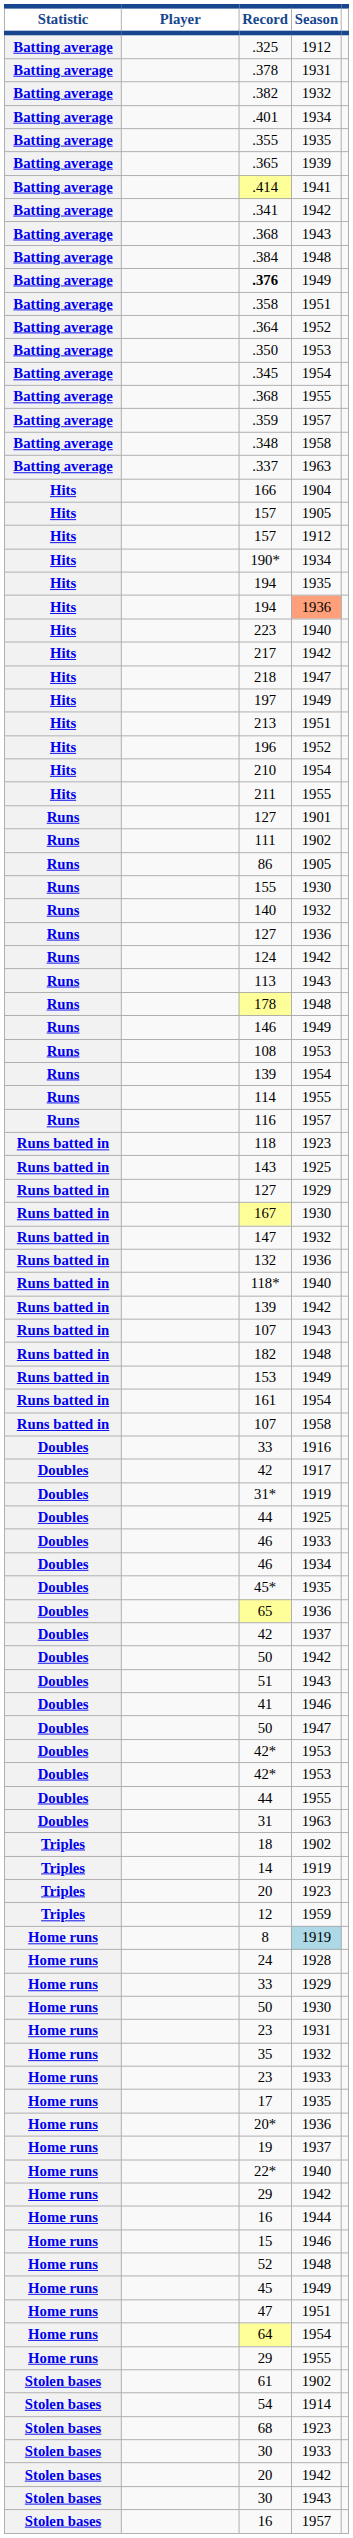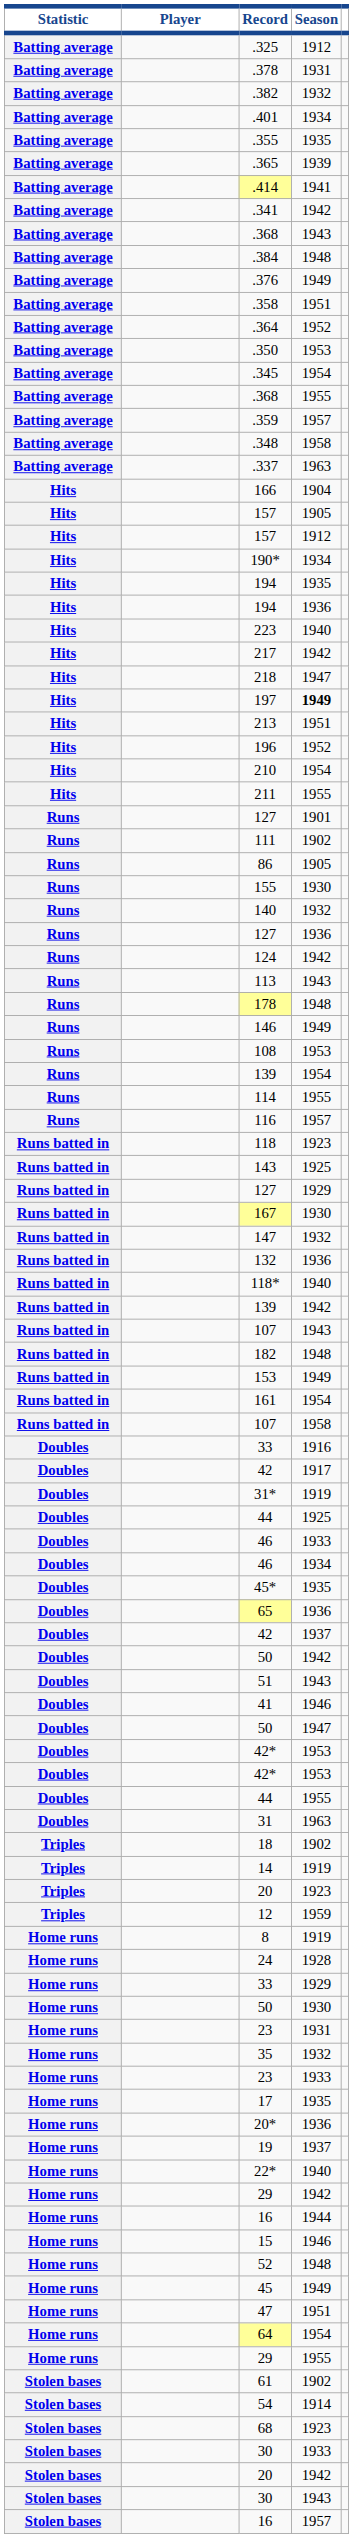 <table class="wikitable sortable plainrowheaders" style="text-align: center;">
 <tr>
 <th scope="col" width="120px" style="background-color:#ffffff; border-top:#17468E 5px solid; border-bottom:#17468E 5px solid; color:#17468E">Statistic</th>
 <th scope="col" width="120px" style="background-color:#ffffff; border-top:#17468E 5px solid; border-bottom:#17468E 5px solid; color:#17468E">Player</th>
 <th scope="col" class="unsortable" style="background-color:#ffffff; border-top:#17468E 5px solid; border-bottom:#17468E 5px solid; color:#17468E">Record</th>
 <th scope="col"  style="background-color:#ffffff; border-top:#17468E 5px solid; border-bottom:#17468E 5px solid; color:#17468E">Season</th>
 <th scope="col" class="unsortable" style="background-color:#ffffff; border-top:#17468E 5px solid; border-bottom:#17468E 5px solid; color:#17468E"></th>
 </tr>
 <tr>
 <th scope="row" style="text-align:center"><a href='#'>Batting average</a></th>
 <td></td>
 <td>.325</td>
 <td>1912</td>
 <td></td>
 </tr>
 <tr>
 <th scope="row" style="text-align:center"><a href='#'>Batting average</a></th>
 <td></td>
 <td>.378</td>
 <td>1931</td>
 <td></td>
 </tr>
 <tr>
 <th scope="row" style="text-align:center"><a href='#'>Batting average</a></th>
 <td></td>
 <td>.382</td>
 <td>1932</td>
 <td></td>
 </tr>
 <tr>
 <th scope="row" style="text-align:center"><a href='#'>Batting average</a></th>
 <td></td>
 <td>.401</td>
 <td>1934</td>
 <td></td>
 </tr>
 <tr>
 <th scope="row" style="text-align:center"><a href='#'>Batting average</a></th>
 <td></td>
 <td>.355</td>
 <td>1935</td>
 <td></td>
 </tr>
 <tr>
 <th scope="row" style="text-align:center"><a href='#'>Batting average</a></th>
 <td></td>
 <td>.365</td>
 <td>1939</td>
 <td></td>
 </tr>
 <tr>
 <th scope="row" style="text-align:center"><a href='#'>Batting average</a></th>
 <td></td>
 <td bgcolor="#FFFF99">.414</td>
 <td>1941</td>
 <td></td>
 </tr>
 <tr>
 <th scope="row" style="text-align:center"><a href='#'>Batting average</a></th>
 <td></td>
 <td>.341</td>
 <td>1942</td>
 <td></td>
 </tr>
 <tr>
 <th scope="row" style="text-align:center"><a href='#'>Batting average</a></th>
 <td></td>
 <td>.368</td>
 <td>1943</td>
 <td></td>
 </tr>
 <tr>
 <th scope="row" style="text-align:center"><a href='#'>Batting average</a></th>
 <td></td>
 <td>.384</td>
 <td>1948</td>
 <td></td>
 </tr>
 <tr>
 <th scope="row" style="text-align:center"><a href='#'>Batting average</a></th>
 <td></td>
-<td><strong>.376</strong></td>
+<td>.376</td>
 <td>1949</td>
 <td></td>
 </tr>
 <tr>
 <th scope="row" style="text-align:center"><a href='#'>Batting average</a></th>
 <td></td>
 <td>.358</td>
 <td>1951</td>
 <td></td>
 </tr>
 <tr>
 <th scope="row" style="text-align:center"><a href='#'>Batting average</a></th>
 <td></td>
 <td>.364</td>
 <td>1952</td>
 <td></td>
 </tr>
 <tr>
 <th scope="row" style="text-align:center"><a href='#'>Batting average</a></th>
 <td></td>
 <td>.350</td>
 <td>1953</td>
 <td></td>
 </tr>
 <tr>
 <th scope="row" style="text-align:center"><a href='#'>Batting average</a></th>
 <td></td>
 <td>.345</td>
 <td>1954</td>
 <td></td>
 </tr>
 <tr>
 <th scope="row" style="text-align:center"><a href='#'>Batting average</a></th>
 <td></td>
 <td>.368</td>
 <td>1955</td>
 <td></td>
 </tr>
 <tr>
 <th scope="row" style="text-align:center"><a href='#'>Batting average</a></th>
 <td></td>
 <td>.359</td>
 <td>1957</td>
 <td></td>
 </tr>
 <tr>
 <th scope="row" style="text-align:center"><a href='#'>Batting average</a></th>
 <td></td>
 <td>.348</td>
 <td>1958</td>
 <td></td>
 </tr>
 <tr>
 <th scope="row" style="text-align:center"><a href='#'>Batting average</a></th>
 <td></td>
 <td>.337</td>
 <td>1963</td>
 <td></td>
 </tr>
 <tr>
 <th scope="row" style="text-align:center"><a href='#'>Hits</a></th>
 <td></td>
 <td>166</td>
 <td>1904</td>
 <td></td>
 </tr>
 <tr>
 <th scope="row" style="text-align:center"><a href='#'>Hits</a></th>
 <td></td>
 <td>157</td>
 <td>1905</td>
 <td></td>
 </tr>
 <tr>
 <th scope="row" style="text-align:center"><a href='#'>Hits</a></th>
 <td></td>
 <td>157</td>
 <td>1912</td>
 <td></td>
 </tr>
 <tr>
 <th scope="row" style="text-align:center"><a href='#'>Hits</a></th>
 <td></td>
 <td>190*</td>
 <td>1934</td>
 <td></td>
 </tr>
 <tr>
 <th scope="row" style="text-align:center"><a href='#'>Hits</a></th>
 <td></td>
 <td>194</td>
 <td>1935</td>
 <td></td>
 </tr>
 <tr>
 <th scope="row" style="text-align:center"><a href='#'>Hits</a></th>
 <td></td>
 <td>194</td>
-<td style="background: lightsalmon;">1936</td>
+<td>1936</td>
 <td></td>
 </tr>
 <tr>
 <th scope="row" style="text-align:center"><a href='#'>Hits</a></th>
 <td></td>
 <td>223</td>
 <td>1940</td>
 <td></td>
 </tr>
 <tr>
 <th scope="row" style="text-align:center"><a href='#'>Hits</a></th>
 <td></td>
 <td>217</td>
 <td>1942</td>
 <td></td>
 </tr>
 <tr>
 <th scope="row" style="text-align:center"><a href='#'>Hits</a></th>
 <td></td>
 <td>218</td>
 <td>1947</td>
 <td></td>
 </tr>
 <tr>
 <th scope="row" style="text-align:center"><a href='#'>Hits</a></th>
 <td></td>
 <td>197</td>
-<td>1949</td>
+<td><strong>1949</strong></td>
 <td></td>
 </tr>
 <tr>
 <th scope="row" style="text-align:center"><a href='#'>Hits</a></th>
 <td></td>
 <td>213</td>
 <td>1951</td>
 <td></td>
 </tr>
 <tr>
 <th scope="row" style="text-align:center"><a href='#'>Hits</a></th>
 <td></td>
 <td>196</td>
 <td>1952</td>
 <td></td>
 </tr>
 <tr>
 <th scope="row" style="text-align:center"><a href='#'>Hits</a></th>
 <td></td>
 <td>210</td>
 <td>1954</td>
 <td></td>
 </tr>
 <tr>
 <th scope="row" style="text-align:center"><a href='#'>Hits</a></th>
 <td></td>
 <td>211</td>
 <td>1955</td>
 <td></td>
 </tr>
 <tr>
 <th scope="row" style="text-align:center"><a href='#'>Runs</a></th>
 <td></td>
 <td>127</td>
 <td>1901</td>
 <td></td>
 </tr>
 <tr>
 <th scope="row" style="text-align:center"><a href='#'>Runs</a></th>
 <td></td>
 <td>111</td>
 <td>1902</td>
 <td></td>
 </tr>
 <tr>
 <th scope="row" style="text-align:center"><a href='#'>Runs</a></th>
 <td></td>
 <td>86</td>
 <td>1905</td>
 <td></td>
 </tr>
 <tr>
 <th scope="row" style="text-align:center"><a href='#'>Runs</a></th>
 <td></td>
 <td>155</td>
 <td>1930</td>
 <td></td>
 </tr>
 <tr>
 <th scope="row" style="text-align:center"><a href='#'>Runs</a></th>
 <td></td>
 <td>140</td>
 <td>1932</td>
 <td></td>
 </tr>
 <tr>
 <th scope="row" style="text-align:center"><a href='#'>Runs</a></th>
 <td></td>
 <td>127</td>
 <td>1936</td>
 <td></td>
 </tr>
 <tr>
 <th scope="row" style="text-align:center"><a href='#'>Runs</a></th>
 <td></td>
 <td>124</td>
 <td>1942</td>
 <td></td>
 </tr>
 <tr>
 <th scope="row" style="text-align:center"><a href='#'>Runs</a></th>
 <td></td>
 <td>113</td>
 <td>1943</td>
 <td></td>
 </tr>
 <tr>
 <th scope="row" style="text-align:center"><a href='#'>Runs</a></th>
 <td></td>
 <td bgcolor="#FFFF99">178</td>
 <td>1948</td>
 <td></td>
 </tr>
 <tr>
 <th scope="row" style="text-align:center"><a href='#'>Runs</a></th>
 <td></td>
 <td>146</td>
 <td>1949</td>
 <td></td>
 </tr>
 <tr>
 <th scope="row" style="text-align:center"><a href='#'>Runs</a></th>
 <td></td>
 <td>108</td>
 <td>1953</td>
 <td></td>
 </tr>
 <tr>
 <th scope="row" style="text-align:center"><a href='#'>Runs</a></th>
 <td></td>
 <td>139</td>
 <td>1954</td>
 <td></td>
 </tr>
 <tr>
 <th scope="row" style="text-align:center"><a href='#'>Runs</a></th>
 <td></td>
 <td>114</td>
 <td>1955</td>
 <td></td>
 </tr>
 <tr>
 <th scope="row" style="text-align:center"><a href='#'>Runs</a></th>
 <td></td>
 <td>116</td>
 <td>1957</td>
 <td></td>
 </tr>
 <tr>
 <th scope="row" style="text-align:center"><a href='#'>Runs batted in</a></th>
 <td></td>
 <td>118</td>
 <td>1923</td>
 <td></td>
 </tr>
 <tr>
 <th scope="row" style="text-align:center"><a href='#'>Runs batted in</a></th>
 <td></td>
 <td>143</td>
 <td>1925</td>
 <td></td>
 </tr>
 <tr>
 <th scope="row" style="text-align:center"><a href='#'>Runs batted in</a></th>
 <td></td>
 <td>127</td>
 <td>1929</td>
 <td></td>
 </tr>
 <tr>
 <th scope="row" style="text-align:center"><a href='#'>Runs batted in</a></th>
 <td></td>
 <td bgcolor="#FFFF99">167</td>
 <td>1930</td>
 <td></td>
 </tr>
 <tr>
 <th scope="row" style="text-align:center"><a href='#'>Runs batted in</a></th>
 <td></td>
 <td>147</td>
 <td>1932</td>
 <td></td>
 </tr>
 <tr>
 <th scope="row" style="text-align:center"><a href='#'>Runs batted in</a></th>
 <td></td>
 <td>132</td>
 <td>1936</td>
 <td></td>
 </tr>
 <tr>
 <th scope="row" style="text-align:center"><a href='#'>Runs batted in</a></th>
 <td></td>
 <td>118*</td>
 <td>1940</td>
 <td></td>
 </tr>
 <tr>
 <th scope="row" style="text-align:center"><a href='#'>Runs batted in</a></th>
 <td></td>
 <td>139</td>
 <td>1942</td>
 <td></td>
 </tr>
 <tr>
 <th scope="row" style="text-align:center"><a href='#'>Runs batted in</a></th>
 <td></td>
 <td>107</td>
 <td>1943</td>
 <td></td>
 </tr>
 <tr>
 <th scope="row" style="text-align:center"><a href='#'>Runs batted in</a></th>
 <td></td>
 <td>182</td>
 <td>1948</td>
 <td></td>
 </tr>
 <tr>
 <th scope="row" style="text-align:center"><a href='#'>Runs batted in</a></th>
 <td></td>
 <td>153</td>
 <td>1949</td>
 <td></td>
 </tr>
 <tr>
 <th scope="row" style="text-align:center"><a href='#'>Runs batted in</a></th>
 <td></td>
 <td>161</td>
 <td>1954</td>
 <td></td>
 </tr>
 <tr>
 <th scope="row" style="text-align:center"><a href='#'>Runs batted in</a></th>
 <td></td>
 <td>107</td>
 <td>1958</td>
 <td></td>
 </tr>
 <tr>
 <th scope="row" style="text-align:center"><a href='#'>Doubles</a></th>
 <td></td>
 <td>33</td>
 <td>1916</td>
 <td></td>
 </tr>
 <tr>
 <th scope="row" style="text-align:center"><a href='#'>Doubles</a></th>
 <td></td>
 <td>42</td>
 <td>1917</td>
 <td></td>
 </tr>
 <tr>
 <th scope="row" style="text-align:center"><a href='#'>Doubles</a></th>
 <td></td>
 <td>31*</td>
 <td>1919</td>
 <td></td>
 </tr>
 <tr>
 <th scope="row" style="text-align:center"><a href='#'>Doubles</a></th>
 <td></td>
 <td>44</td>
 <td>1925</td>
 <td></td>
 </tr>
 <tr>
 <th scope="row" style="text-align:center"><a href='#'>Doubles</a></th>
 <td></td>
 <td>46</td>
 <td>1933</td>
 <td></td>
 </tr>
 <tr>
 <th scope="row" style="text-align:center"><a href='#'>Doubles</a></th>
 <td></td>
 <td>46</td>
 <td>1934</td>
 <td></td>
 </tr>
 <tr>
 <th scope="row" style="text-align:center"><a href='#'>Doubles</a></th>
 <td></td>
 <td>45*</td>
 <td>1935</td>
 <td></td>
 </tr>
 <tr>
 <th scope="row" style="text-align:center"><a href='#'>Doubles</a></th>
 <td></td>
 <td bgcolor="#FFFF99">65</td>
 <td>1936</td>
 <td></td>
 </tr>
 <tr>
 <th scope="row" style="text-align:center"><a href='#'>Doubles</a></th>
 <td></td>
 <td>42</td>
 <td>1937</td>
 <td></td>
 </tr>
 <tr>
 <th scope="row" style="text-align:center"><a href='#'>Doubles</a></th>
 <td></td>
 <td>50</td>
 <td>1942</td>
 <td></td>
 </tr>
 <tr>
 <th scope="row" style="text-align:center"><a href='#'>Doubles</a></th>
 <td></td>
 <td>51</td>
 <td>1943</td>
 <td></td>
 </tr>
 <tr>
 <th scope="row" style="text-align:center"><a href='#'>Doubles</a></th>
 <td></td>
 <td>41</td>
 <td>1946</td>
 <td></td>
 </tr>
 <tr>
 <th scope="row" style="text-align:center"><a href='#'>Doubles</a></th>
 <td></td>
 <td>50</td>
 <td>1947</td>
 <td></td>
 </tr>
 <tr>
 <th scope="row" style="text-align:center"><a href='#'>Doubles</a></th>
 <td></td>
 <td>42*</td>
 <td>1953</td>
 <td></td>
 </tr>
 <tr>
 <th scope="row" style="text-align:center"><a href='#'>Doubles</a></th>
 <td></td>
 <td>42*</td>
 <td>1953</td>
 <td></td>
 </tr>
 <tr>
 <th scope="row" style="text-align:center"><a href='#'>Doubles</a></th>
 <td></td>
 <td>44</td>
 <td>1955</td>
 <td></td>
 </tr>
 <tr>
 <th scope="row" style="text-align:center"><a href='#'>Doubles</a></th>
 <td></td>
 <td>31</td>
 <td>1963</td>
 <td></td>
 </tr>
 <tr>
 <th scope="row" style="text-align:center"><a href='#'>Triples</a></th>
 <td></td>
 <td>18</td>
 <td>1902</td>
 <td></td>
 </tr>
 <tr>
 <th scope="row" style="text-align:center"><a href='#'>Triples</a></th>
 <td></td>
 <td>14</td>
 <td>1919</td>
 <td></td>
 </tr>
 <tr>
 <th scope="row" style="text-align:center"><a href='#'>Triples</a></th>
 <td></td>
 <td>20</td>
 <td>1923</td>
 <td></td>
 </tr>
 <tr>
 <th scope="row" style="text-align:center"><a href='#'>Triples</a></th>
 <td></td>
 <td>12</td>
 <td>1959</td>
 <td></td>
 </tr>
 <tr>
 <th scope="row" style="text-align:center"><a href='#'>Home runs</a></th>
 <td></td>
 <td>8</td>
-<td style="background: lightblue;">1919</td>
+<td>1919</td>
 <td></td>
 </tr>
 <tr>
 <th scope="row" style="text-align:center"><a href='#'>Home runs</a></th>
 <td></td>
 <td>24</td>
 <td>1928</td>
 <td></td>
 </tr>
 <tr>
 <th scope="row" style="text-align:center"><a href='#'>Home runs</a></th>
 <td></td>
 <td>33</td>
 <td>1929</td>
 <td></td>
 </tr>
 <tr>
 <th scope="row" style="text-align:center"><a href='#'>Home runs</a></th>
 <td></td>
 <td>50</td>
 <td>1930</td>
 <td></td>
 </tr>
 <tr>
 <th scope="row" style="text-align:center"><a href='#'>Home runs</a></th>
 <td></td>
 <td>23</td>
 <td>1931</td>
 <td></td>
 </tr>
 <tr>
 <th scope="row" style="text-align:center"><a href='#'>Home runs</a></th>
 <td></td>
 <td>35</td>
 <td>1932</td>
 <td></td>
 </tr>
 <tr>
 <th scope="row" style="text-align:center"><a href='#'>Home runs</a></th>
 <td></td>
 <td>23</td>
 <td>1933</td>
 <td></td>
 </tr>
 <tr>
 <th scope="row" style="text-align:center"><a href='#'>Home runs</a></th>
 <td></td>
 <td>17</td>
 <td>1935</td>
 <td></td>
 </tr>
 <tr>
 <th scope="row" style="text-align:center"><a href='#'>Home runs</a></th>
 <td></td>
 <td>20*</td>
 <td>1936</td>
 <td></td>
 </tr>
 <tr>
 <th scope="row" style="text-align:center"><a href='#'>Home runs</a></th>
 <td></td>
 <td>19</td>
 <td>1937</td>
 <td></td>
 </tr>
 <tr>
 <th scope="row" style="text-align:center"><a href='#'>Home runs</a></th>
 <td></td>
 <td>22*</td>
 <td>1940</td>
 <td></td>
 </tr>
 <tr>
 <th scope="row" style="text-align:center"><a href='#'>Home runs</a></th>
 <td></td>
 <td>29</td>
 <td>1942</td>
 <td></td>
 </tr>
 <tr>
 <th scope="row" style="text-align:center"><a href='#'>Home runs</a></th>
 <td></td>
 <td>16</td>
 <td>1944</td>
 <td></td>
 </tr>
 <tr>
 <th scope="row" style="text-align:center"><a href='#'>Home runs</a></th>
 <td></td>
 <td>15</td>
 <td>1946</td>
 <td></td>
 </tr>
 <tr>
 <th scope="row" style="text-align:center"><a href='#'>Home runs</a></th>
 <td></td>
 <td>52</td>
 <td>1948</td>
 <td></td>
 </tr>
 <tr>
 <th scope="row" style="text-align:center"><a href='#'>Home runs</a></th>
 <td></td>
 <td>45</td>
 <td>1949</td>
 <td></td>
 </tr>
 <tr>
 <th scope="row" style="text-align:center"><a href='#'>Home runs</a></th>
 <td></td>
 <td>47</td>
 <td>1951</td>
 <td></td>
 </tr>
 <tr>
 <th scope="row" style="text-align:center"><a href='#'>Home runs</a></th>
 <td></td>
 <td bgcolor="#FFFF99">64</td>
 <td>1954</td>
 <td></td>
 </tr>
 <tr>
 <th scope="row" style="text-align:center"><a href='#'>Home runs</a></th>
 <td></td>
 <td>29</td>
 <td>1955</td>
 <td></td>
 </tr>
 <tr>
 <th scope="row" style="text-align:center"><a href='#'>Stolen bases</a></th>
 <td></td>
 <td>61</td>
 <td>1902</td>
 <td></td>
 </tr>
 <tr>
 <th scope="row" style="text-align:center"><a href='#'>Stolen bases</a></th>
 <td></td>
 <td>54</td>
 <td>1914</td>
 <td></td>
 </tr>
 <tr>
 <th scope="row" style="text-align:center"><a href='#'>Stolen bases</a></th>
 <td></td>
 <td>68</td>
 <td>1923</td>
 <td></td>
 </tr>
 <tr>
 <th scope="row" style="text-align:center"><a href='#'>Stolen bases</a></th>
 <td></td>
 <td>30</td>
 <td>1933</td>
 <td></td>
 </tr>
 <tr>
 <th scope="row" style="text-align:center"><a href='#'>Stolen bases</a></th>
 <td></td>
 <td>20</td>
 <td>1942</td>
 <td></td>
 </tr>
 <tr>
 <th scope="row" style="text-align:center"><a href='#'>Stolen bases</a></th>
 <td></td>
 <td>30</td>
 <td>1943</td>
 <td></td>
 </tr>
 <tr>
 <th scope="row" style="text-align:center"><a href='#'>Stolen bases</a></th>
 <td></td>
 <td>16</td>
 <td>1957</td>
 <td></td>
 </tr>
 </table>
